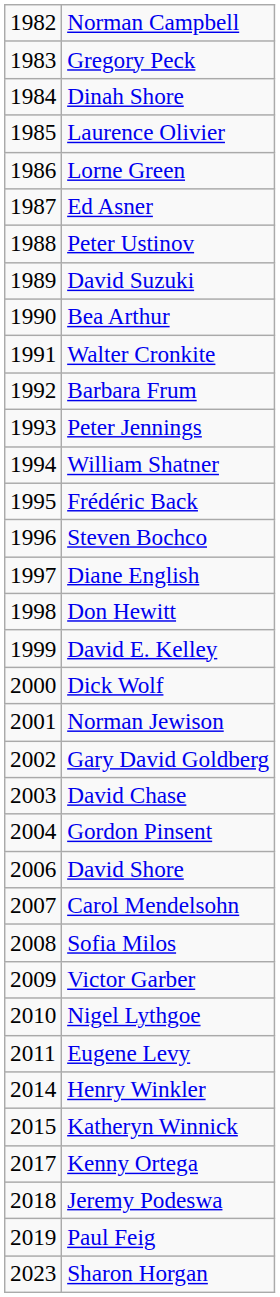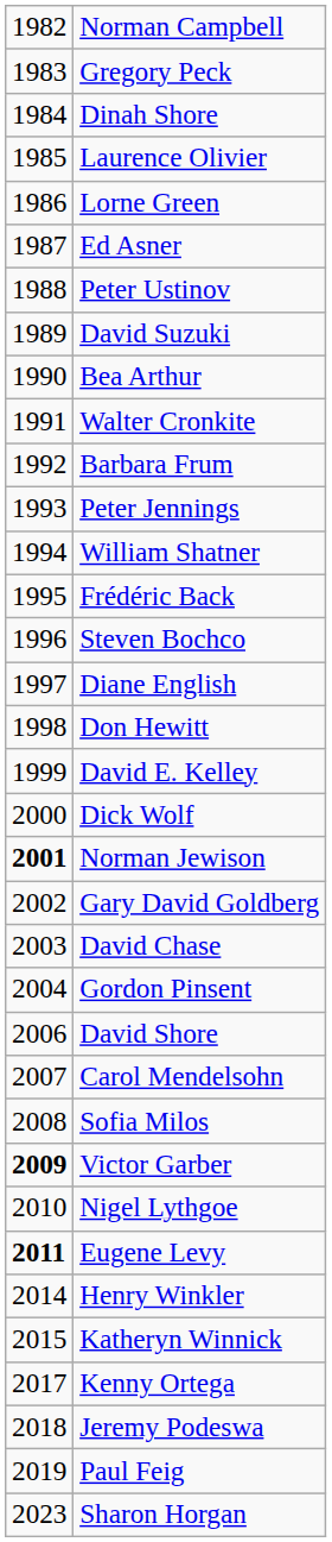 <table class="wikitable">
 <tr>
 <td>1982</td>
 <td><a href='#'>Norman Campbell</a></td>
 </tr>
 <tr>
 <td>1983</td>
 <td><a href='#'>Gregory Peck</a></td>
 </tr>
 <tr>
 <td>1984</td>
 <td><a href='#'>Dinah Shore</a></td>
 </tr>
 <tr>
 <td>1985</td>
 <td><a href='#'>Laurence Olivier</a></td>
 </tr>
 <tr>
 <td>1986</td>
 <td><a href='#'>Lorne Green</a></td>
 </tr>
 <tr>
 <td>1987</td>
 <td><a href='#'>Ed Asner</a></td>
 </tr>
 <tr>
 <td>1988</td>
 <td><a href='#'>Peter Ustinov</a></td>
 </tr>
 <tr>
 <td>1989</td>
 <td><a href='#'>David Suzuki</a></td>
 </tr>
 <tr>
 <td>1990</td>
 <td><a href='#'>Bea Arthur</a></td>
 </tr>
 <tr>
 <td>1991</td>
 <td><a href='#'>Walter Cronkite</a></td>
 </tr>
 <tr>
 <td>1992</td>
 <td><a href='#'>Barbara Frum</a></td>
 </tr>
 <tr>
 <td>1993</td>
 <td><a href='#'>Peter Jennings</a></td>
 </tr>
 <tr>
 <td>1994</td>
 <td><a href='#'>William Shatner</a></td>
 </tr>
 <tr>
 <td>1995</td>
 <td><a href='#'>Frédéric Back</a></td>
 </tr>
 <tr>
 <td>1996</td>
 <td><a href='#'>Steven Bochco</a></td>
 </tr>
 <tr>
 <td>1997</td>
 <td><a href='#'>Diane English</a></td>
 </tr>
 <tr>
 <td>1998</td>
 <td><a href='#'>Don Hewitt</a></td>
 </tr>
 <tr>
 <td>1999</td>
 <td><a href='#'>David E. Kelley</a></td>
 </tr>
 <tr>
 <td>2000</td>
 <td><a href='#'>Dick Wolf</a></td>
 </tr>
 <tr>
-<td>2001</td>
+<td><strong>2001</strong></td>
 <td><a href='#'>Norman Jewison</a></td>
 </tr>
 <tr>
 <td>2002</td>
 <td><a href='#'>Gary David Goldberg</a></td>
 </tr>
 <tr>
 <td>2003</td>
 <td><a href='#'>David Chase</a></td>
 </tr>
 <tr>
 <td>2004</td>
 <td><a href='#'>Gordon Pinsent</a></td>
 </tr>
 <tr>
 <td>2006</td>
 <td><a href='#'>David Shore</a></td>
 </tr>
 <tr>
 <td>2007</td>
 <td><a href='#'>Carol Mendelsohn</a></td>
 </tr>
 <tr>
 <td>2008</td>
 <td><a href='#'>Sofia Milos</a></td>
 </tr>
 <tr>
-<td>2009</td>
+<td><strong>2009</strong></td>
 <td><a href='#'>Victor Garber</a></td>
 </tr>
 <tr>
 <td>2010</td>
 <td><a href='#'>Nigel Lythgoe</a></td>
 </tr>
 <tr>
-<td>2011</td>
+<td><strong>2011</strong></td>
 <td><a href='#'>Eugene Levy</a></td>
 </tr>
 <tr>
 <td>2014</td>
 <td><a href='#'>Henry Winkler</a></td>
 </tr>
 <tr>
 <td>2015</td>
 <td><a href='#'>Katheryn Winnick</a></td>
 </tr>
 <tr>
 <td>2017</td>
 <td><a href='#'>Kenny Ortega</a></td>
 </tr>
 <tr>
 <td>2018</td>
 <td><a href='#'>Jeremy Podeswa</a></td>
 </tr>
 <tr>
 <td>2019</td>
 <td><a href='#'>Paul Feig</a></td>
 </tr>
 <tr>
 <td>2023</td>
 <td><a href='#'>Sharon Horgan</a></td>
 </tr>
 </table>
